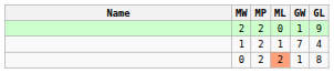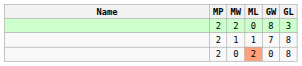 <table class=wikitable style="text-align:center">
 <tr>
 <th width=300>Name</th>
+<th width=20>MP</th>
 <th width=20>MW</th>
-<th width=20>MP</th>
 <th width=20>ML</th>
 <th width=20>GW</th>
 <th width=20>GL</th>
 </tr>
 <tr style="background-color:#ccffcc;">
 <td style="text-align:left;"><strong></strong></td>
 <td>2</td>
 <td>2</td>
 <td>0</td>
-<td>1</td>
-<td>9</td>
+<td>8</td>
+<td>3</td>
 </tr>
 <tr>
 <td style="text-align:left;"></td>
-<td>1</td>
 <td>2</td>
 <td>1</td>
+<td>1</td>
 <td>7</td>
-<td>4</td>
+<td>8</td>
 </tr>
 <tr>
 <td style="text-align:left;"></td>
+<td>2</td>
 <td>0</td>
-<td>2</td>
 <td style="background: lightsalmon;">2</td>
-<td>1</td>
+<td>0</td>
 <td>8</td>
 </tr>
 </table>
